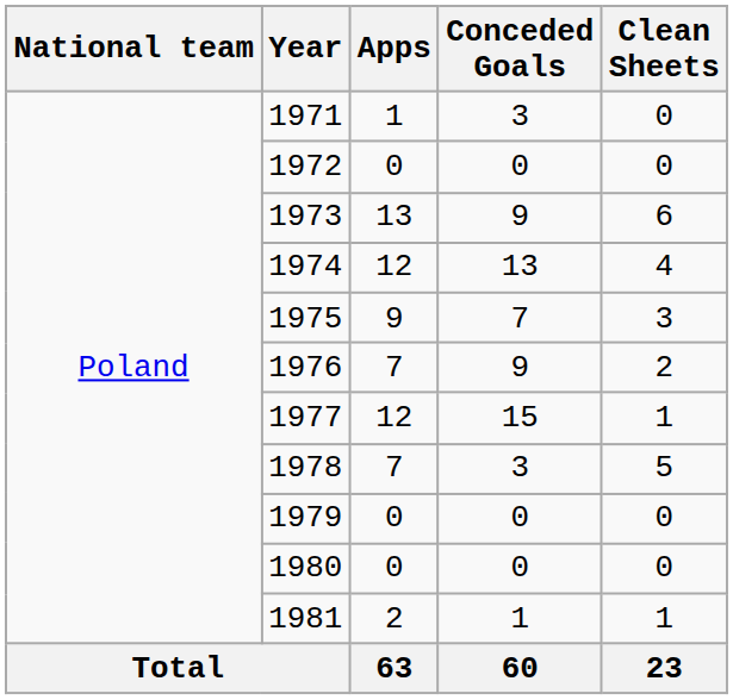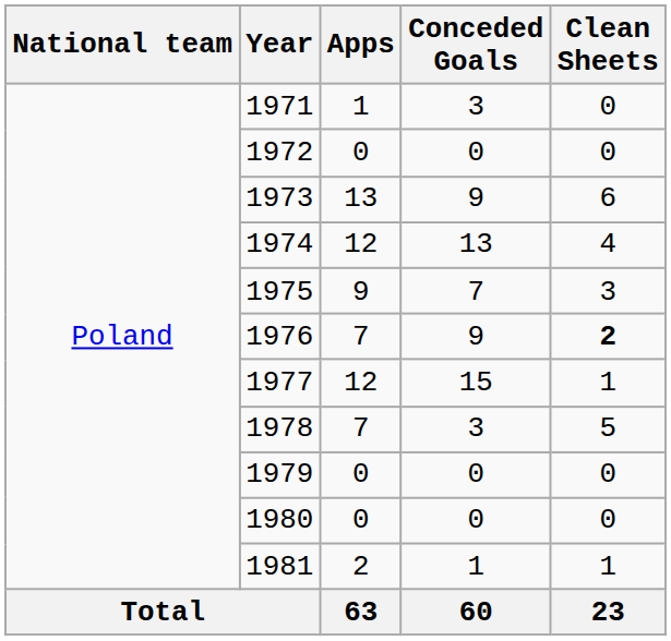 <table class="wikitable" style="text-align:center">
 <tr>
 <th>National team</th>
 <th>Year</th>
 <th>Apps</th>
 <th>Conceded<br>Goals</th>
 <th>Clean<br>Sheets</th>
 </tr>
 <tr>
 <td rowspan="11" style="vertical-align:center;"><a href='#'>Poland</a></td>
 <td>1971</td>
 <td>1</td>
 <td>3</td>
 <td>0</td>
 </tr>
 <tr>
 <td>1972</td>
 <td>0</td>
 <td>0</td>
 <td>0</td>
 </tr>
 <tr>
 <td>1973</td>
 <td>13</td>
 <td>9</td>
 <td>6</td>
 </tr>
 <tr>
 <td>1974</td>
 <td>12</td>
 <td>13</td>
 <td>4</td>
 </tr>
 <tr>
 <td>1975</td>
 <td>9</td>
 <td>7</td>
 <td>3</td>
 </tr>
 <tr>
 <td>1976</td>
 <td>7</td>
 <td>9</td>
-<td>2</td>
+<td><strong>2</strong></td>
 </tr>
 <tr>
 <td>1977</td>
 <td>12</td>
 <td>15</td>
 <td>1</td>
 </tr>
 <tr>
 <td>1978</td>
 <td>7</td>
 <td>3</td>
 <td>5</td>
 </tr>
 <tr>
 <td>1979</td>
 <td>0</td>
 <td>0</td>
 <td>0</td>
 </tr>
 <tr>
 <td>1980</td>
 <td>0</td>
 <td>0</td>
 <td>0</td>
 </tr>
 <tr>
 <td>1981</td>
 <td>2</td>
 <td>1</td>
 <td>1</td>
 </tr>
 <tr>
 <th colspan="2">Total</th>
 <th>63</th>
 <th>60</th>
 <th>23</th>
 </tr>
 </table>
